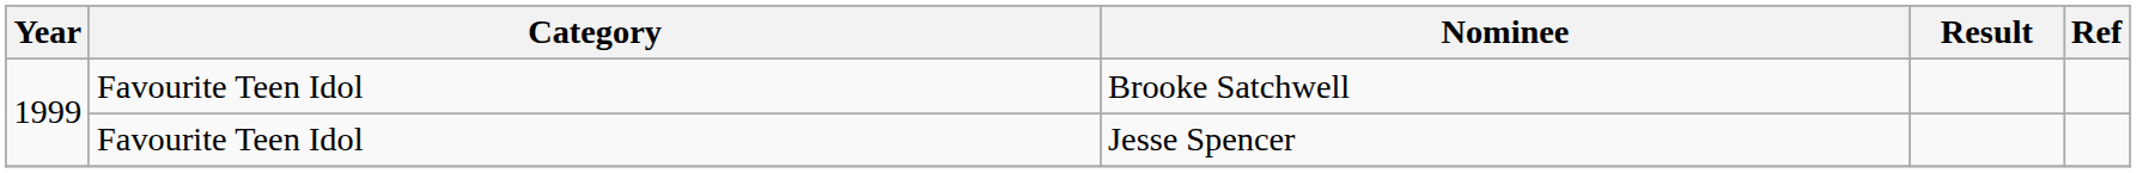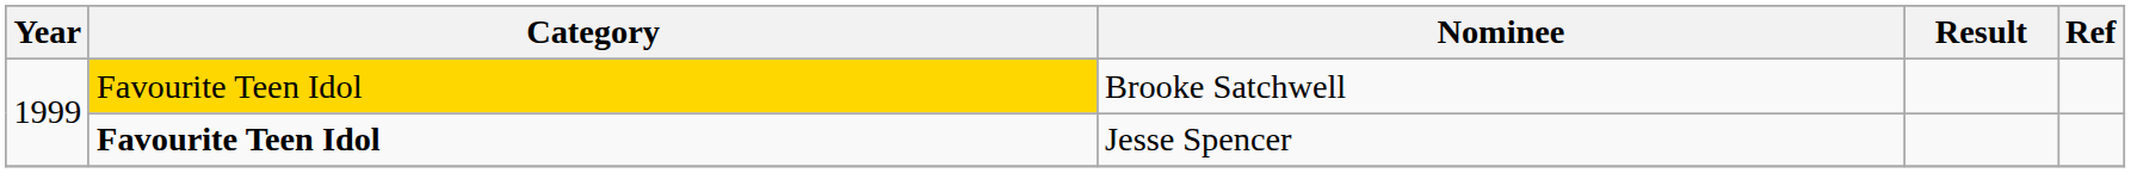 <table class="wikitable">
 <tr>
 <th>Year</th>
 <th width="470">Category</th>
 <th width="375">Nominee</th>
 <th width="65">Result</th>
 <th>Ref</th>
 </tr>
 <tr>
 <td rowspan="2">1999</td>
-<td>Favourite Teen Idol</td>
+<td style="background: gold;">Favourite Teen Idol</td>
 <td>Brooke Satchwell</td>
 <td></td>
 <td align="center"></td>
 </tr>
 <tr>
-<td>Favourite Teen Idol</td>
+<td><strong>Favourite Teen Idol</strong></td>
 <td>Jesse Spencer</td>
 <td></td>
 <td align="center"></td>
 </tr>
 <tr>
 </tr>
 </table>
